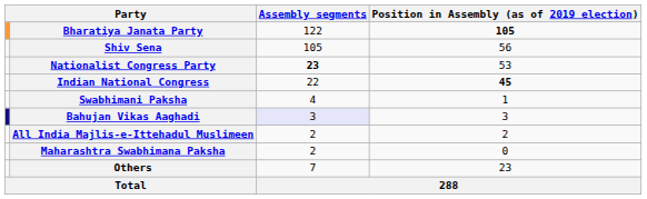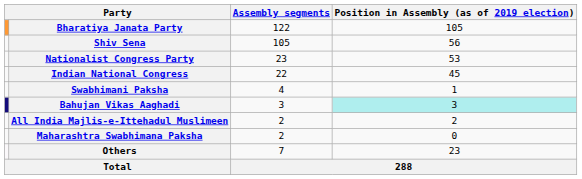 <table class="wikitable" style="text-align:center">
 <tr>
 <th colspan=2>Party</th>
 <th><a href='#'>Assembly segments</a></th>
 <th>Position in Assembly (as of <a href='#'>2019 election</a>)</th>
 </tr>
 <tr>
 <td bgcolor=#FF9933></td>
 <th><a href='#'>Bharatiya Janata Party</a></th>
 <td>122</td>
-<td><strong>105</strong></td>
+<td>105</td>
 </tr>
 <tr>
 <td></td>
 <th><a href='#'>Shiv Sena</a></th>
 <td>105</td>
 <td>56</td>
 </tr>
 <tr>
 <td></td>
 <th><a href='#'>Nationalist Congress Party</a></th>
-<td><strong>23</strong></td>
+<td>23</td>
 <td>53</td>
 </tr>
 <tr>
 <td></td>
 <th><a href='#'>Indian National Congress</a></th>
 <td>22</td>
-<td><strong>45</strong></td>
+<td>45</td>
 </tr>
 <tr>
 <td></td>
 <th><a href='#'>Swabhimani Paksha</a></th>
 <td>4</td>
 <td>1</td>
 </tr>
 <tr>
 <td bgcolor=#140C7A></td>
 <th><a href='#'>Bahujan Vikas Aaghadi</a></th>
-<td style="background: lavender;">3</td>
 <td>3</td>
+<td style="background: paleturquoise;">3</td>
 </tr>
 <tr>
 <td></td>
 <th><a href='#'>All India Majlis-e-Ittehadul Muslimeen</a></th>
 <td>2</td>
 <td>2</td>
 </tr>
 <tr>
 <td></td>
 <th><a href='#'>Maharashtra Swabhimana Paksha</a></th>
 <td>2</td>
 <td>0</td>
 </tr>
 <tr>
 <td bgcolor=#FAF8FA></td>
 <th>Others</th>
 <td>7</td>
 <td>23</td>
 </tr>
 <tr>
 <th colspan=2>Total</th>
 <th colspan=2>288</th>
 </tr>
 </table>
